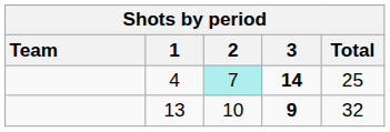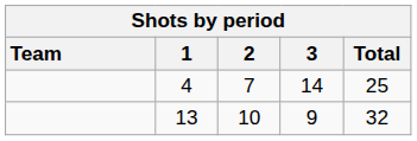 <table class="wikitable" style="width:20em; text-align:right;">
 <tr>
 <th colspan=6>Shots by period</th>
 </tr>
 <tr>
 <th style="width:8em; text-align:left;">Team</th>
 <th style="width:3em;">1</th>
 <th style="width:3em;">2</th>
 <th style="width:3em;">3</th>
 <th style="width:3em;">Total</th>
 </tr>
 <tr>
 <td style="text-align:left;"></td>
 <td align=center>4</td>
-<td align=center style="background: paleturquoise;">7</td>
-<td align=center><strong>14</strong></td>
+<td align=center>7</td>
+<td align=center>14</td>
 <td align=center>25</td>
 </tr>
 <tr>
 <td style="text-align:left;"></td>
 <td align=center>13</td>
 <td align=center>10</td>
-<td align=center><strong>9</strong></td>
+<td align=center>9</td>
 <td align=center>32</td>
 </tr>
 </table>
